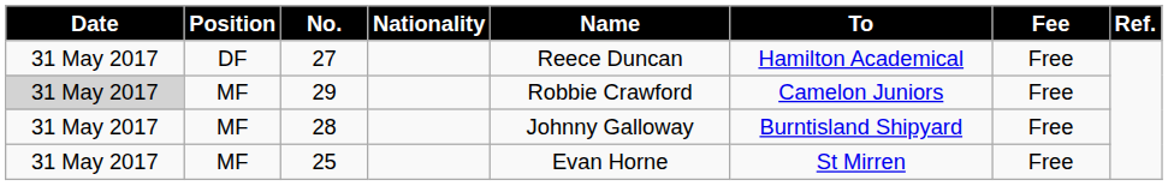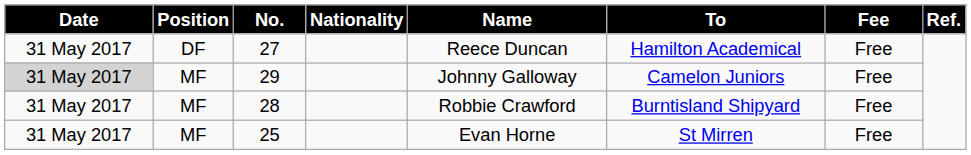 <table class="wikitable"  style="text-align:center; font-size:90%; ">
 <tr>
 <th style="background:#000000; color:white; width:110px;">Date</th>
 <th style="background:#000000; color:white; width:50px;">Position</th>
 <th style="background:#000000; color:white; width:50px;">No.</th>
 <th style="background:#000000; color:white; width:50px;">Nationality</th>
 <th style="background:#000000; color:white; width:150px;">Name</th>
 <th style="background:#000000; color:white; width:165px;">To</th>
 <th style="background:#000000; color:white; width:70px;">Fee</th>
 <th style="background:#000000; color:white; width:25px;">Ref.</th>
 </tr>
 <tr>
 <td>31 May 2017</td>
 <td>DF</td>
 <td>27</td>
 <td></td>
 <td>Reece Duncan</td>
 <td><a href='#'>Hamilton Academical</a></td>
 <td>Free</td>
 <td rowspan="4"></td>
 </tr>
 <tr>
 <td style="background: lightgrey;">31 May 2017</td>
 <td>MF</td>
 <td>29</td>
 <td></td>
-<td>Robbie Crawford</td>
+<td>Johnny Galloway</td>
 <td><a href='#'>Camelon Juniors</a></td>
 <td>Free</td>
 </tr>
 <tr>
 <td>31 May 2017</td>
 <td>MF</td>
 <td>28</td>
 <td></td>
-<td>Johnny Galloway</td>
+<td>Robbie Crawford</td>
 <td><a href='#'>Burntisland Shipyard</a></td>
 <td>Free</td>
 </tr>
 <tr>
 <td>31 May 2017</td>
 <td>MF</td>
 <td>25</td>
 <td></td>
 <td>Evan Horne</td>
 <td><a href='#'>St Mirren</a></td>
 <td>Free</td>
 </tr>
 </table>
